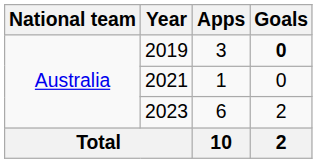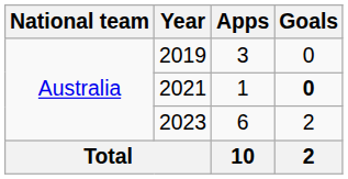 <table class="wikitable" style="text-align:center">
 <tr>
 <th>National team</th>
 <th>Year</th>
 <th>Apps</th>
 <th>Goals</th>
 </tr>
 <tr>
 <td rowspan="3"><a href='#'>Australia</a></td>
 <td>2019</td>
 <td>3</td>
-<td><strong>0</strong></td>
+<td>0</td>
 </tr>
 <tr>
 <td>2021</td>
 <td>1</td>
-<td>0</td>
+<td><strong>0</strong></td>
 </tr>
 <tr>
 <td>2023</td>
 <td>6</td>
 <td>2</td>
 </tr>
 <tr>
 <th colspan="2">Total</th>
 <th>10</th>
 <th>2</th>
 </tr>
 </table>
